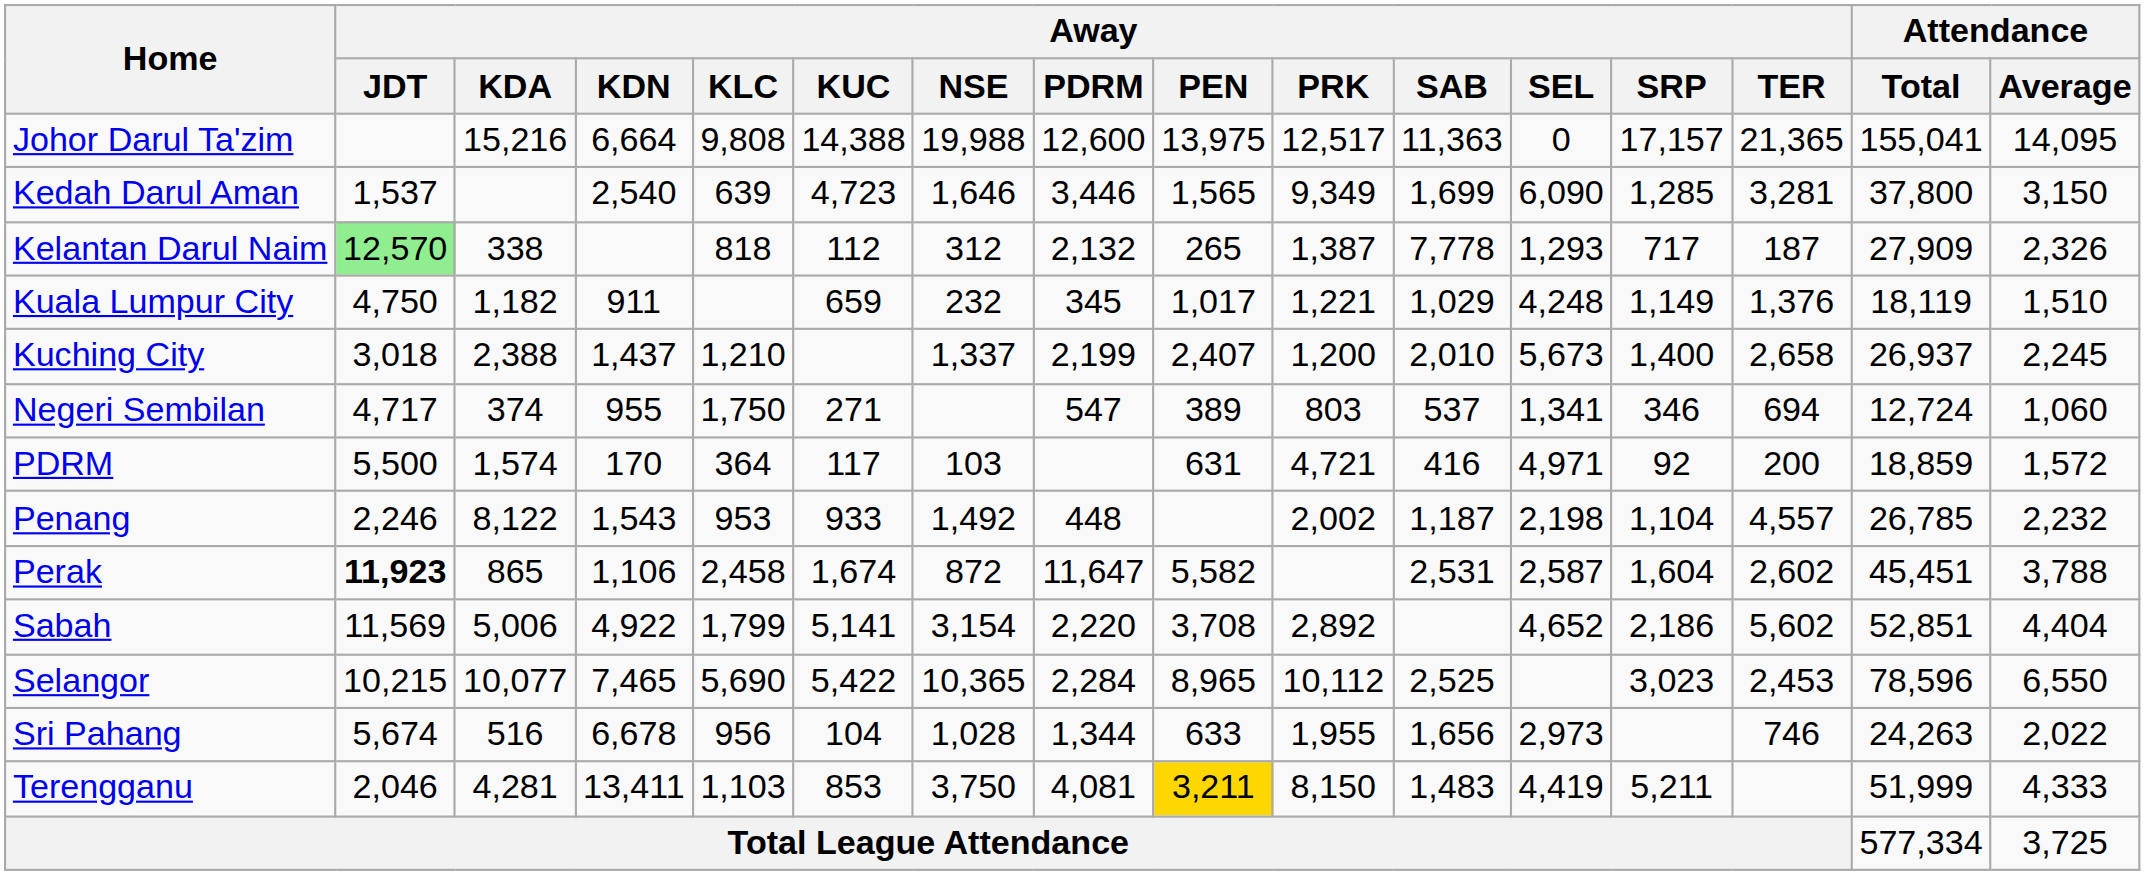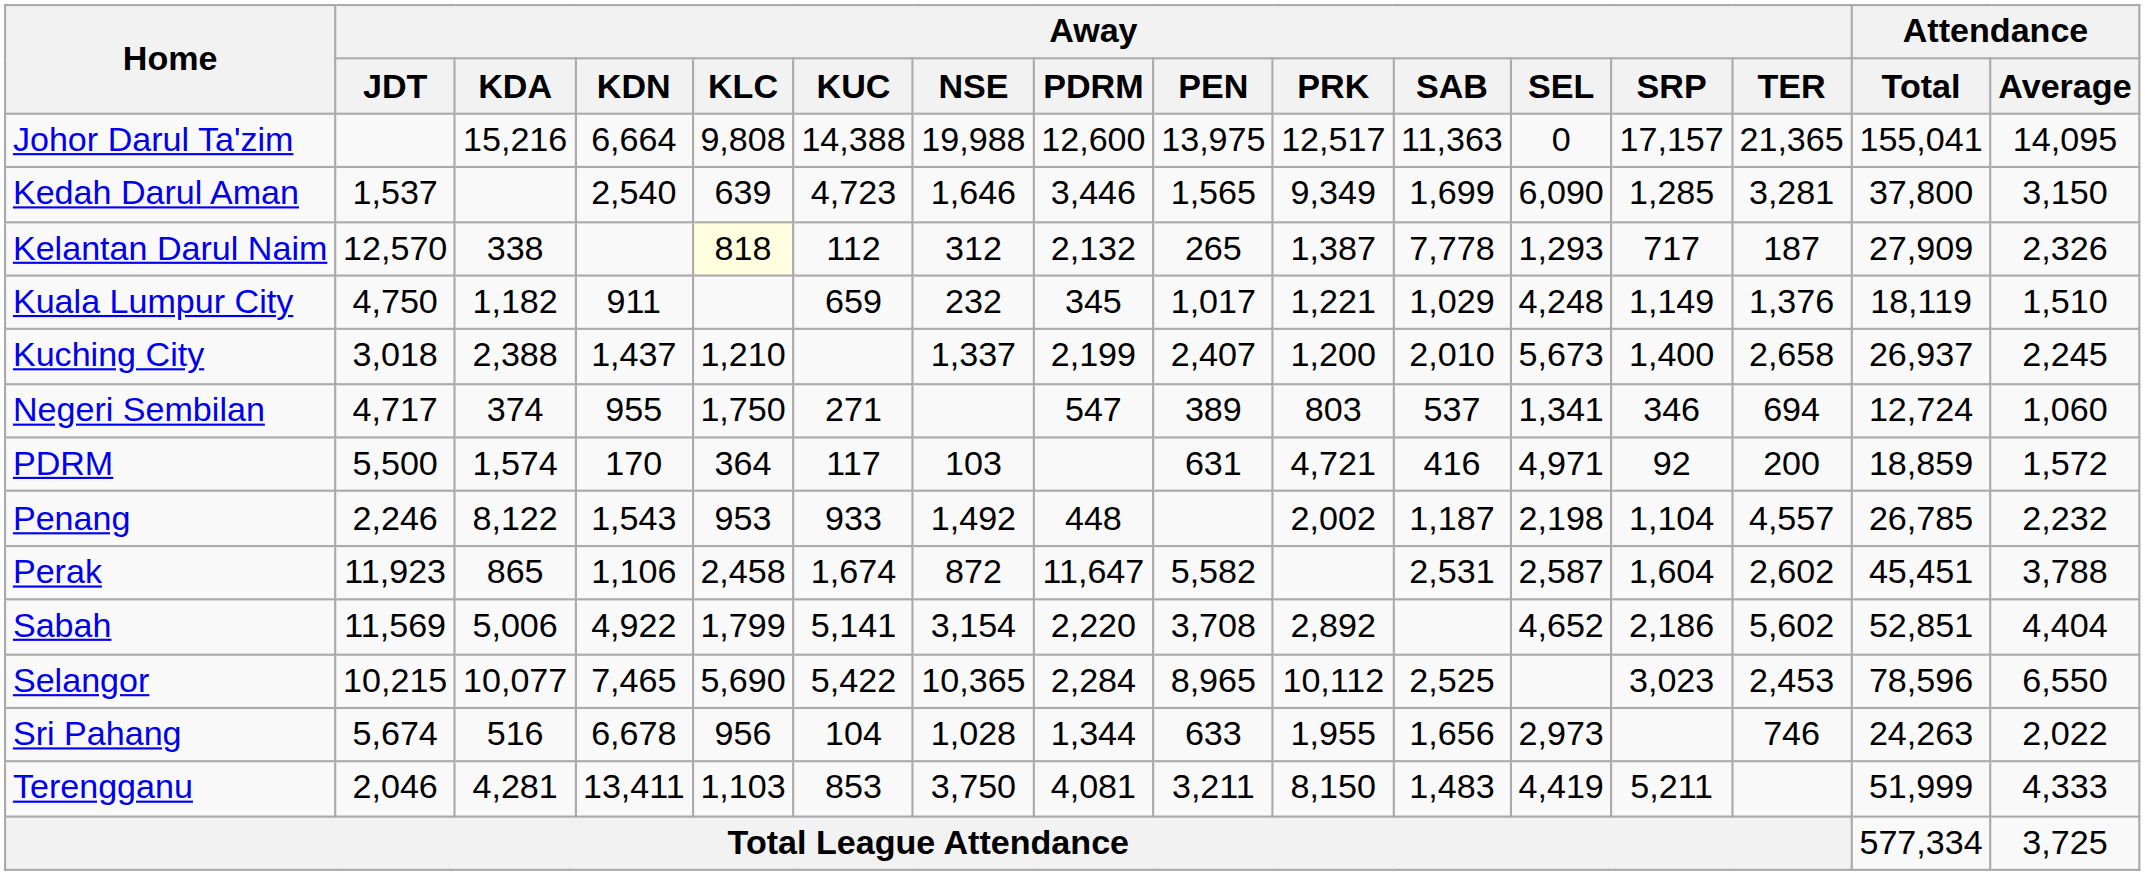 <table class="wikitable" style="text-align:center;">
 <tr>
 <th rowspan="2">Home</th>
 <th colspan="13">Away</th>
 <th colspan="2">Attendance</th>
 </tr>
 <tr>
 <th>JDT</th>
 <th>KDA</th>
 <th>KDN</th>
 <th>KLC</th>
 <th>KUC</th>
 <th>NSE</th>
 <th>PDRM</th>
 <th>PEN</th>
 <th>PRK</th>
 <th>SAB</th>
 <th>SEL</th>
 <th>SRP</th>
 <th>TER</th>
 <th>Total</th>
 <th>Average</th>
 </tr>
 <tr>
 <td align=left><a href='#'>Johor Darul Ta'zim</a></td>
 <td></td>
 <td>15,216</td>
 <td>6,664</td>
 <td>9,808</td>
 <td>14,388</td>
 <td>19,988</td>
 <td>12,600</td>
 <td>13,975</td>
 <td>12,517</td>
 <td>11,363</td>
 <td>0</td>
 <td>17,157</td>
 <td>21,365</td>
 <td>155,041</td>
 <td>14,095</td>
 </tr>
 <tr>
 <td align=left><a href='#'>Kedah Darul Aman</a></td>
 <td>1,537</td>
 <td></td>
 <td>2,540</td>
 <td>639</td>
 <td>4,723</td>
 <td>1,646</td>
 <td>3,446</td>
 <td>1,565</td>
 <td>9,349</td>
 <td>1,699</td>
 <td>6,090</td>
 <td>1,285</td>
 <td>3,281</td>
 <td>37,800</td>
 <td>3,150</td>
 </tr>
 <tr>
 <td align=left><a href='#'>Kelantan Darul Naim</a></td>
-<td style="background: lightgreen;">12,570</td>
+<td>12,570</td>
 <td>338</td>
 <td></td>
-<td>818</td>
+<td style="background: lightyellow;">818</td>
 <td>112</td>
 <td>312</td>
 <td>2,132</td>
 <td>265</td>
 <td>1,387</td>
 <td>7,778</td>
 <td>1,293</td>
 <td>717</td>
 <td>187</td>
 <td>27,909</td>
 <td>2,326</td>
 </tr>
 <tr>
 <td align=left><a href='#'>Kuala Lumpur City</a></td>
 <td>4,750</td>
 <td>1,182</td>
 <td>911</td>
 <td></td>
 <td>659</td>
 <td>232</td>
 <td>345</td>
 <td>1,017</td>
 <td>1,221</td>
 <td>1,029</td>
 <td>4,248</td>
 <td>1,149</td>
 <td>1,376</td>
 <td>18,119</td>
 <td>1,510</td>
 </tr>
 <tr>
 <td align=left><a href='#'>Kuching City</a></td>
 <td>3,018</td>
 <td>2,388</td>
 <td>1,437</td>
 <td>1,210</td>
 <td></td>
 <td>1,337</td>
 <td>2,199</td>
 <td>2,407</td>
 <td>1,200</td>
 <td>2,010</td>
 <td>5,673</td>
 <td>1,400</td>
 <td>2,658</td>
 <td>26,937</td>
 <td>2,245</td>
 </tr>
 <tr>
 <td align=left><a href='#'>Negeri Sembilan</a></td>
 <td>4,717</td>
 <td>374</td>
 <td>955</td>
 <td>1,750</td>
 <td>271</td>
 <td></td>
 <td>547</td>
 <td>389</td>
 <td>803</td>
 <td>537</td>
 <td>1,341</td>
 <td>346</td>
 <td>694</td>
 <td>12,724</td>
 <td>1,060</td>
 </tr>
 <tr>
 <td align=left><a href='#'>PDRM</a></td>
 <td>5,500</td>
 <td>1,574</td>
 <td>170</td>
 <td>364</td>
 <td>117</td>
 <td>103</td>
 <td></td>
 <td>631</td>
 <td>4,721</td>
 <td>416</td>
 <td>4,971</td>
 <td>92</td>
 <td>200</td>
 <td>18,859</td>
 <td>1,572</td>
 </tr>
 <tr>
 <td align=left><a href='#'>Penang</a></td>
 <td>2,246</td>
 <td>8,122</td>
 <td>1,543</td>
 <td>953</td>
 <td>933</td>
 <td>1,492</td>
 <td>448</td>
 <td></td>
 <td>2,002</td>
 <td>1,187</td>
 <td>2,198</td>
 <td>1,104</td>
 <td>4,557</td>
 <td>26,785</td>
 <td>2,232</td>
 </tr>
 <tr>
 <td align=left><a href='#'>Perak</a></td>
-<td><strong>11,923</strong></td>
+<td>11,923</td>
 <td>865</td>
 <td>1,106</td>
 <td>2,458</td>
 <td>1,674</td>
 <td>872</td>
 <td>11,647</td>
 <td>5,582</td>
 <td></td>
 <td>2,531</td>
 <td>2,587</td>
 <td>1,604</td>
 <td>2,602</td>
 <td>45,451</td>
 <td>3,788</td>
 </tr>
 <tr>
 <td align=left><a href='#'>Sabah</a></td>
 <td>11,569</td>
 <td>5,006</td>
 <td>4,922</td>
 <td>1,799</td>
 <td>5,141</td>
 <td>3,154</td>
 <td>2,220</td>
 <td>3,708</td>
 <td>2,892</td>
 <td></td>
 <td>4,652</td>
 <td>2,186</td>
 <td>5,602</td>
 <td>52,851</td>
 <td>4,404</td>
 </tr>
 <tr>
 <td align=left><a href='#'>Selangor</a></td>
 <td>10,215</td>
 <td>10,077</td>
 <td>7,465</td>
 <td>5,690</td>
 <td>5,422</td>
 <td>10,365</td>
 <td>2,284</td>
 <td>8,965</td>
 <td>10,112</td>
 <td>2,525</td>
 <td></td>
 <td>3,023</td>
 <td>2,453</td>
 <td>78,596</td>
 <td>6,550</td>
 </tr>
 <tr>
 <td align=left><a href='#'>Sri Pahang</a></td>
 <td>5,674</td>
 <td>516</td>
 <td>6,678</td>
 <td>956</td>
 <td>104</td>
 <td>1,028</td>
 <td>1,344</td>
 <td>633</td>
 <td>1,955</td>
 <td>1,656</td>
 <td>2,973</td>
 <td></td>
 <td>746</td>
 <td>24,263</td>
 <td>2,022</td>
 </tr>
 <tr>
 <td align=left><a href='#'>Terengganu</a></td>
 <td>2,046</td>
 <td>4,281</td>
 <td>13,411</td>
 <td>1,103</td>
 <td>853</td>
 <td>3,750</td>
 <td>4,081</td>
-<td style="background: gold;">3,211</td>
+<td>3,211</td>
 <td>8,150</td>
 <td>1,483</td>
 <td>4,419</td>
 <td>5,211</td>
 <td></td>
 <td>51,999</td>
 <td>4,333</td>
 </tr>
 <tr>
 <th colspan="14">Total League Attendance</th>
 <td>577,334</td>
 <td>3,725</td>
 </tr>
 </table>
